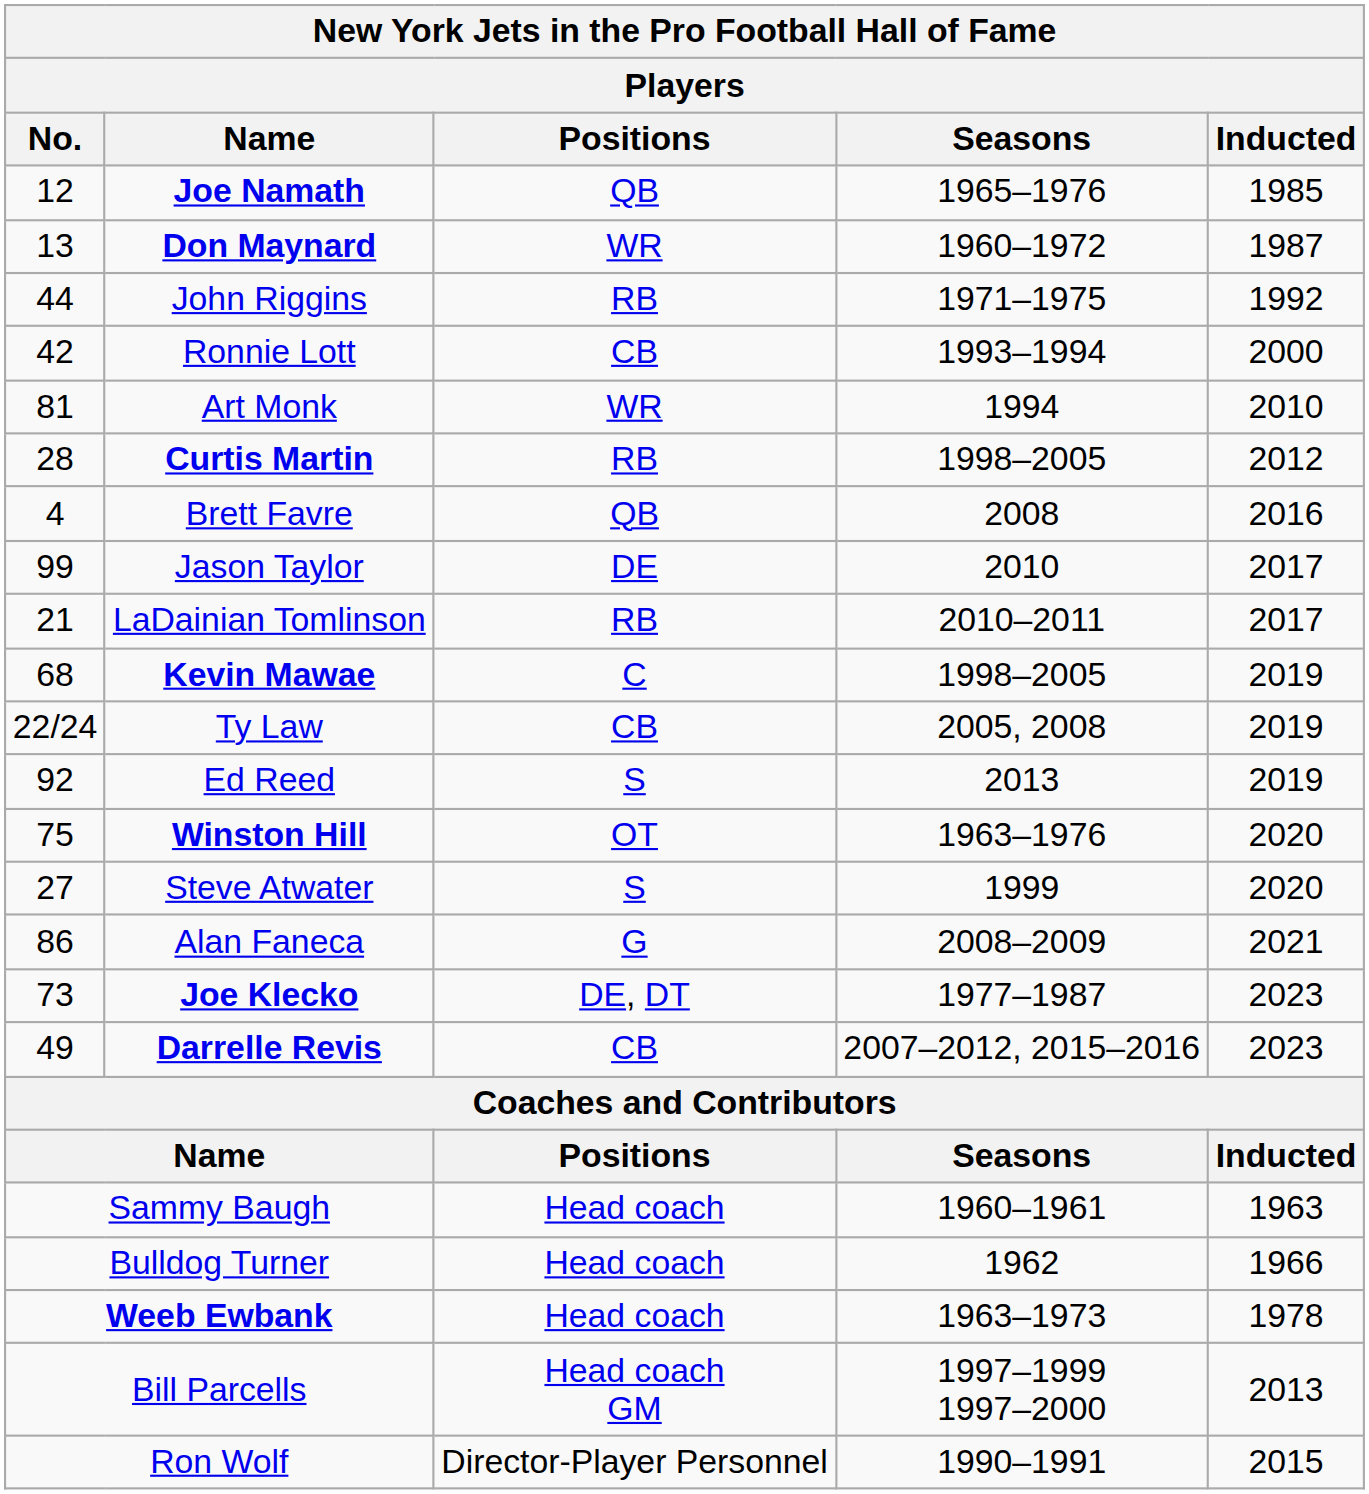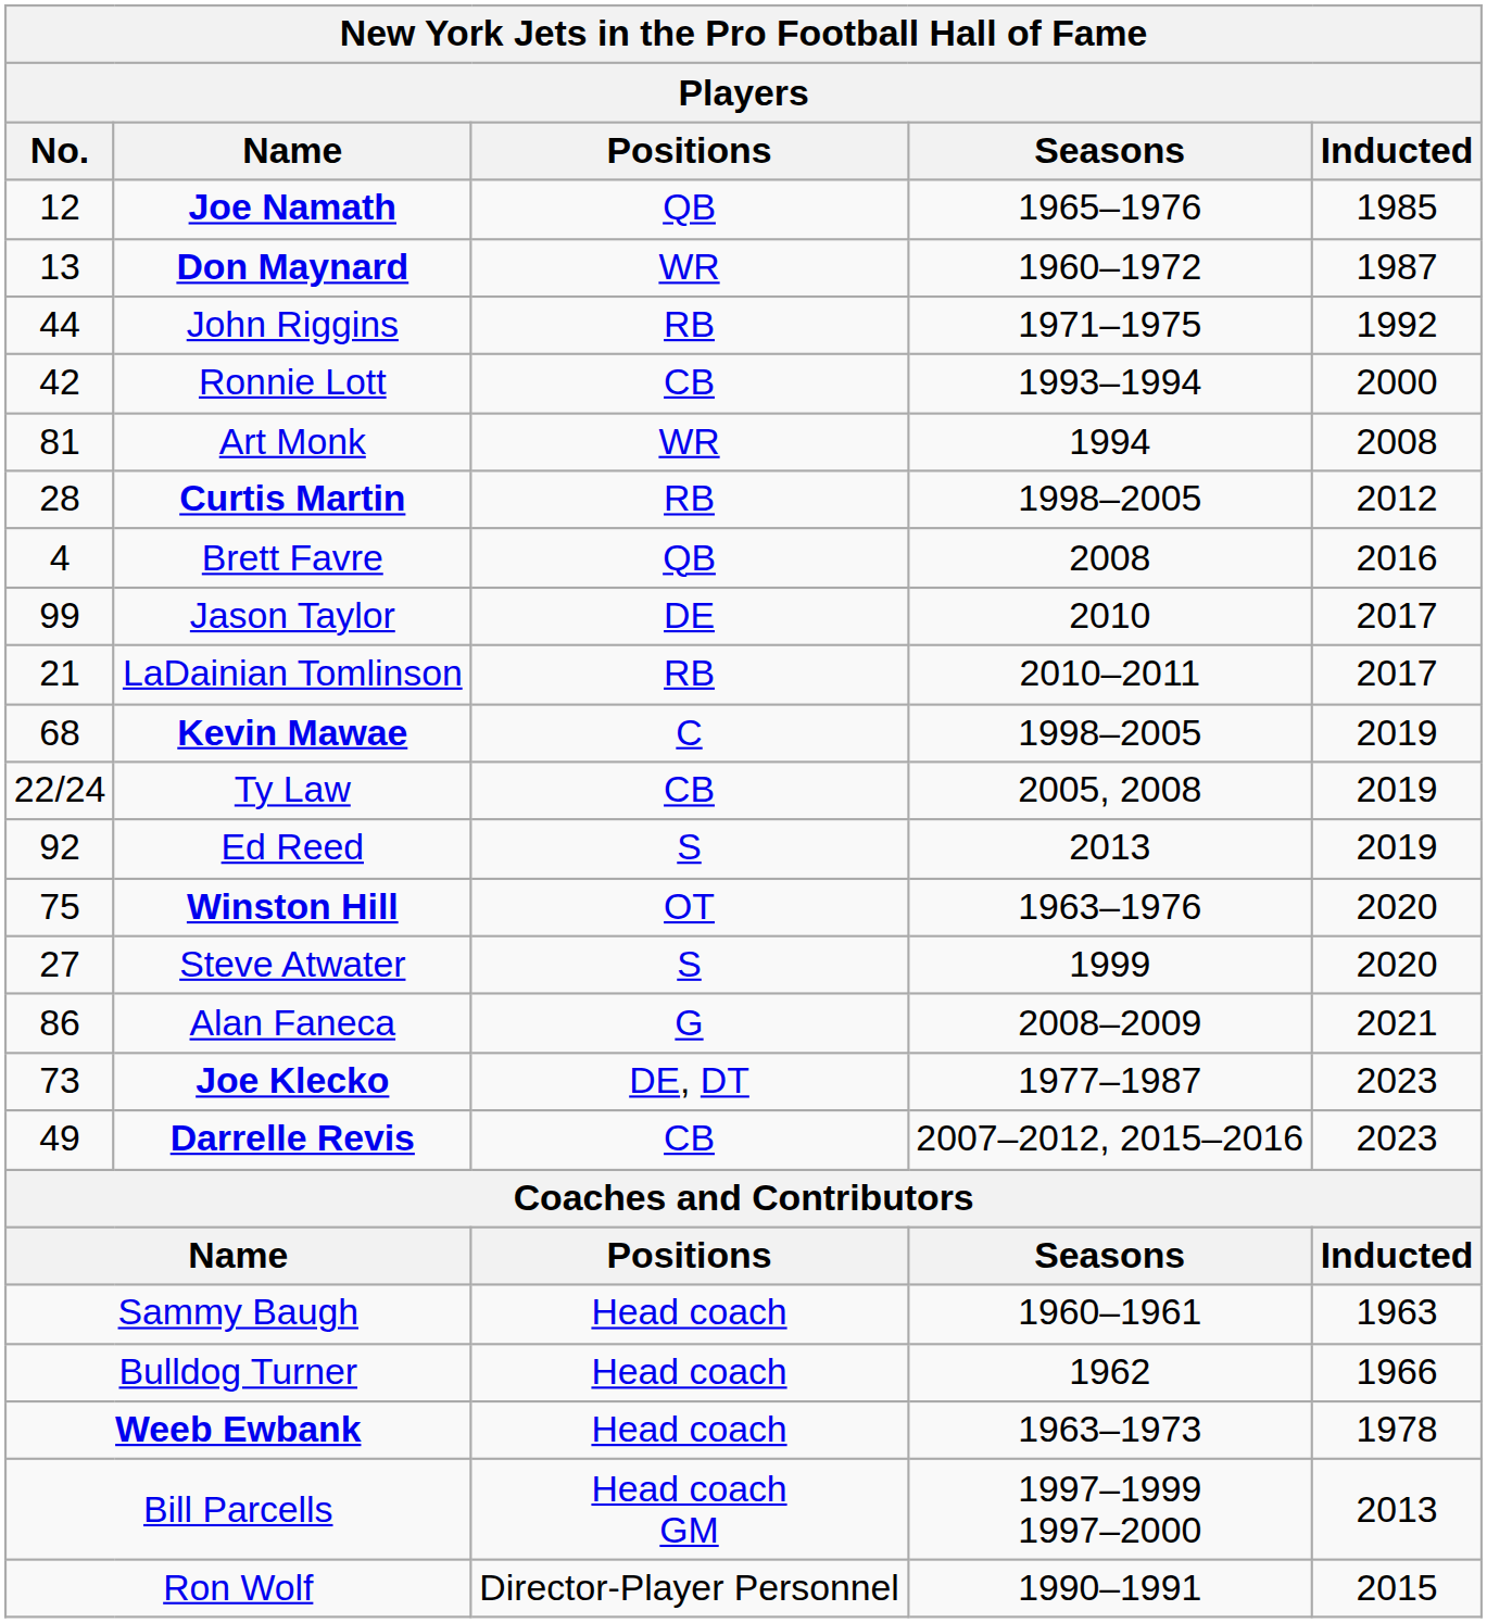 <table class="wikitable" style="text-align:center">
 <tr>
 <th colspan="6">New York Jets in the Pro Football Hall of Fame</th>
 </tr>
 <tr>
 <th colspan="6">Players</th>
 </tr>
 <tr>
 <th>No.</th>
 <th>Name</th>
 <th>Positions</th>
 <th>Seasons</th>
 <th>Inducted</th>
 </tr>
 <tr>
 <td>12</td>
 <td><strong><a href='#'>Joe Namath</a></strong></td>
 <td><a href='#'>QB</a></td>
 <td>1965–1976</td>
 <td>1985</td>
 </tr>
 <tr>
 <td>13</td>
 <td><strong><a href='#'>Don Maynard</a></strong></td>
 <td><a href='#'>WR</a></td>
 <td>1960–1972</td>
 <td>1987</td>
 </tr>
 <tr>
 <td>44</td>
 <td><a href='#'>John Riggins</a></td>
 <td><a href='#'>RB</a></td>
 <td>1971–1975</td>
 <td>1992</td>
 </tr>
 <tr>
 <td>42</td>
 <td><a href='#'>Ronnie Lott</a></td>
 <td><a href='#'>CB</a></td>
 <td>1993–1994</td>
 <td>2000</td>
 </tr>
 <tr>
 <td>81</td>
 <td><a href='#'>Art Monk</a></td>
 <td><a href='#'>WR</a></td>
 <td>1994</td>
-<td>2010</td>
+<td>2008</td>
 </tr>
 <tr>
 <td>28</td>
 <td><strong><a href='#'>Curtis Martin</a></strong></td>
 <td><a href='#'>RB</a></td>
 <td>1998–2005</td>
 <td>2012</td>
 </tr>
 <tr>
 <td>4</td>
 <td><a href='#'>Brett Favre</a></td>
 <td><a href='#'>QB</a></td>
 <td>2008</td>
 <td>2016</td>
 </tr>
 <tr>
 <td>99</td>
 <td><a href='#'>Jason Taylor</a></td>
 <td><a href='#'>DE</a></td>
 <td>2010</td>
 <td>2017</td>
 </tr>
 <tr>
 <td>21</td>
 <td><a href='#'>LaDainian Tomlinson</a></td>
 <td><a href='#'>RB</a></td>
 <td>2010–2011</td>
 <td>2017</td>
 </tr>
 <tr>
 <td>68</td>
 <td><strong><a href='#'>Kevin Mawae</a></strong></td>
 <td><a href='#'>C</a></td>
 <td>1998–2005</td>
 <td>2019</td>
 </tr>
 <tr>
 <td>22/24</td>
 <td><a href='#'>Ty Law</a></td>
 <td><a href='#'>CB</a></td>
 <td>2005, 2008</td>
 <td>2019</td>
 </tr>
 <tr>
 <td>92</td>
 <td><a href='#'>Ed Reed</a></td>
 <td><a href='#'>S</a></td>
 <td>2013</td>
 <td>2019</td>
 </tr>
 <tr>
 <td>75</td>
 <td><strong><a href='#'>Winston Hill</a></strong></td>
 <td><a href='#'>OT</a></td>
 <td>1963–1976</td>
 <td>2020</td>
 </tr>
 <tr>
 <td>27</td>
 <td><a href='#'>Steve Atwater</a></td>
 <td><a href='#'>S</a></td>
 <td>1999</td>
 <td>2020</td>
 </tr>
 <tr>
 <td>86</td>
 <td><a href='#'>Alan Faneca</a></td>
 <td><a href='#'>G</a></td>
 <td>2008–2009</td>
 <td>2021</td>
 </tr>
 <tr>
 <td>73</td>
 <td><strong><a href='#'>Joe Klecko</a></strong></td>
 <td><a href='#'>DE</a>, <a href='#'>DT</a></td>
 <td>1977–1987</td>
 <td>2023</td>
 </tr>
 <tr>
 <td>49</td>
 <td><strong><a href='#'>Darrelle Revis</a></strong></td>
 <td><a href='#'>CB</a></td>
 <td>2007–2012, 2015–2016</td>
 <td>2023</td>
 </tr>
 <tr>
 <th colspan="5">Coaches and Contributors</th>
 </tr>
 <tr>
 <th colspan=2>Name</th>
 <th>Positions</th>
 <th>Seasons</th>
 <th>Inducted</th>
 </tr>
 <tr>
 <td colspan=2><a href='#'>Sammy Baugh</a></td>
 <td><a href='#'>Head coach</a></td>
 <td>1960–1961</td>
 <td>1963</td>
 </tr>
 <tr>
 <td colspan=2><a href='#'>Bulldog Turner</a></td>
 <td><a href='#'>Head coach</a></td>
 <td>1962</td>
 <td>1966</td>
 </tr>
 <tr>
 <td colspan=2><strong><a href='#'>Weeb Ewbank</a></strong></td>
 <td><a href='#'>Head coach</a></td>
 <td>1963–1973</td>
 <td>1978</td>
 </tr>
 <tr>
 <td colspan=2><a href='#'>Bill Parcells</a></td>
 <td><a href='#'>Head coach</a><br><a href='#'>GM</a></td>
 <td>1997–1999<br>1997–2000</td>
 <td>2013</td>
 </tr>
 <tr>
 <td colspan=2><a href='#'>Ron Wolf</a></td>
 <td>Director-Player Personnel</td>
 <td>1990–1991</td>
 <td>2015</td>
 </tr>
 </table>
